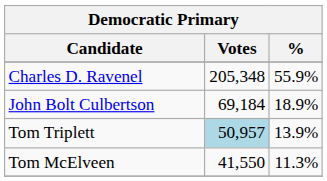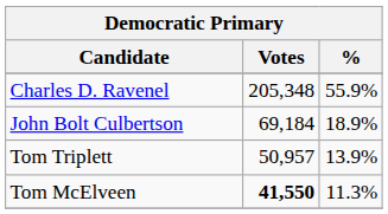 <table class="wikitable" align="left" style="margin: 1em 1em 1em 0; font-size: 95%;">
 <tr>
 <th colspan="3">Democratic Primary</th>
 </tr>
 <tr>
 <th colspan="1" style="width: 170px">Candidate</th>
 <th style="width: 50px">Votes</th>
 <th style="width: 40px">%</th>
 </tr>
 <tr>
 </tr>
 <tr>
 <td><a href='#'>Charles D. Ravenel</a></td>
 <td align="right">205,348</td>
 <td align="right">55.9%</td>
 </tr>
 <tr>
 <td><a href='#'>John Bolt Culbertson</a></td>
 <td align="right">69,184</td>
 <td align="right">18.9%</td>
 </tr>
 <tr>
 <td>Tom Triplett</td>
-<td align="right" style="background: lightblue;">50,957</td>
+<td align="right">50,957</td>
 <td align="right">13.9%</td>
 </tr>
 <tr>
 <td>Tom McElveen</td>
-<td align="right">41,550</td>
+<td align="right"><strong>41,550</strong></td>
 <td align="right">11.3%</td>
 </tr>
 <tr>
 </tr>
 </table>
